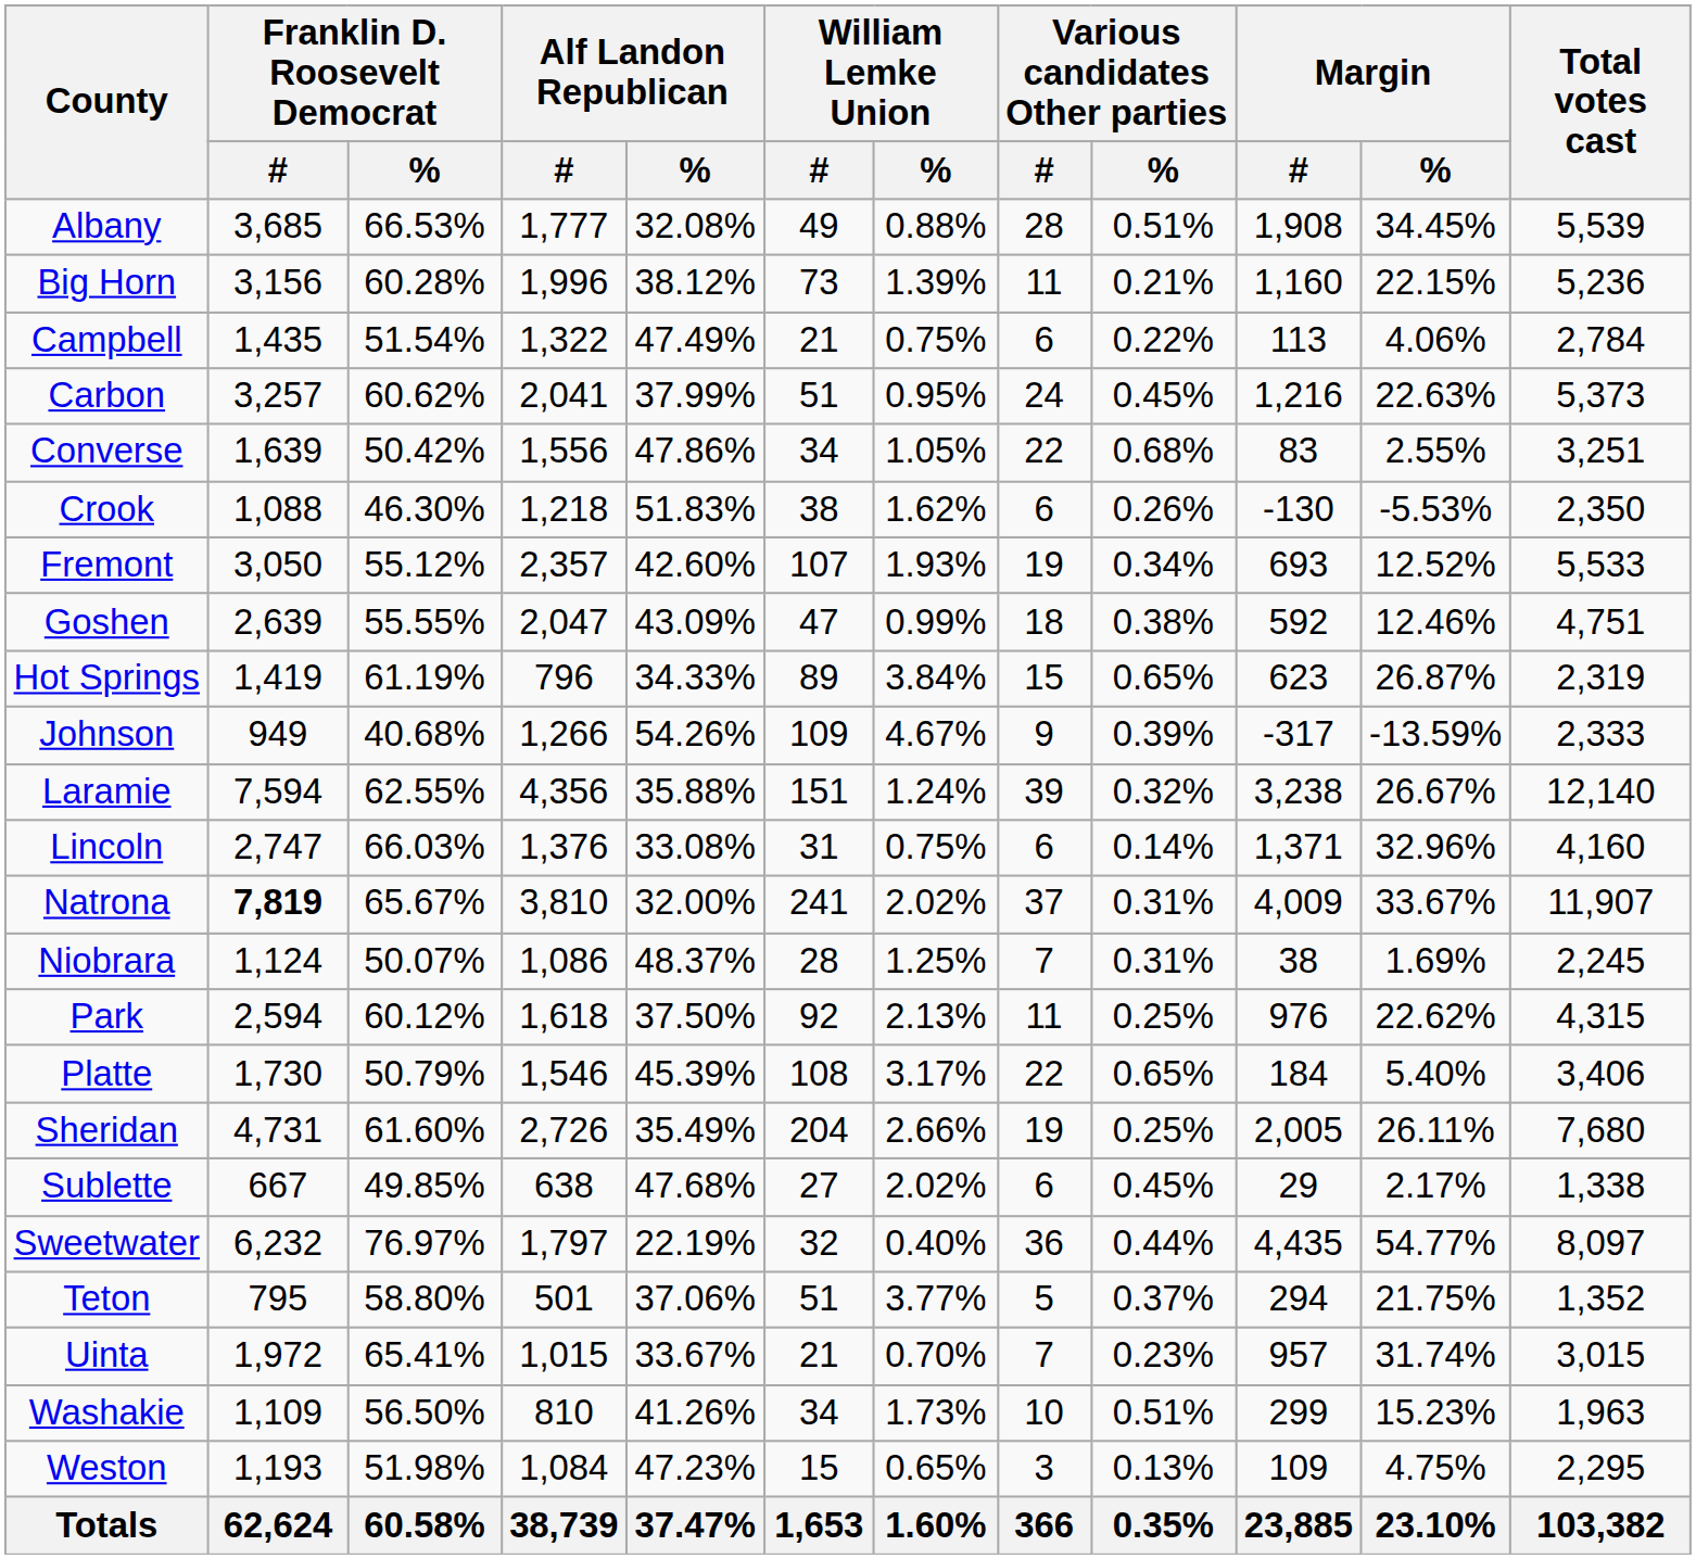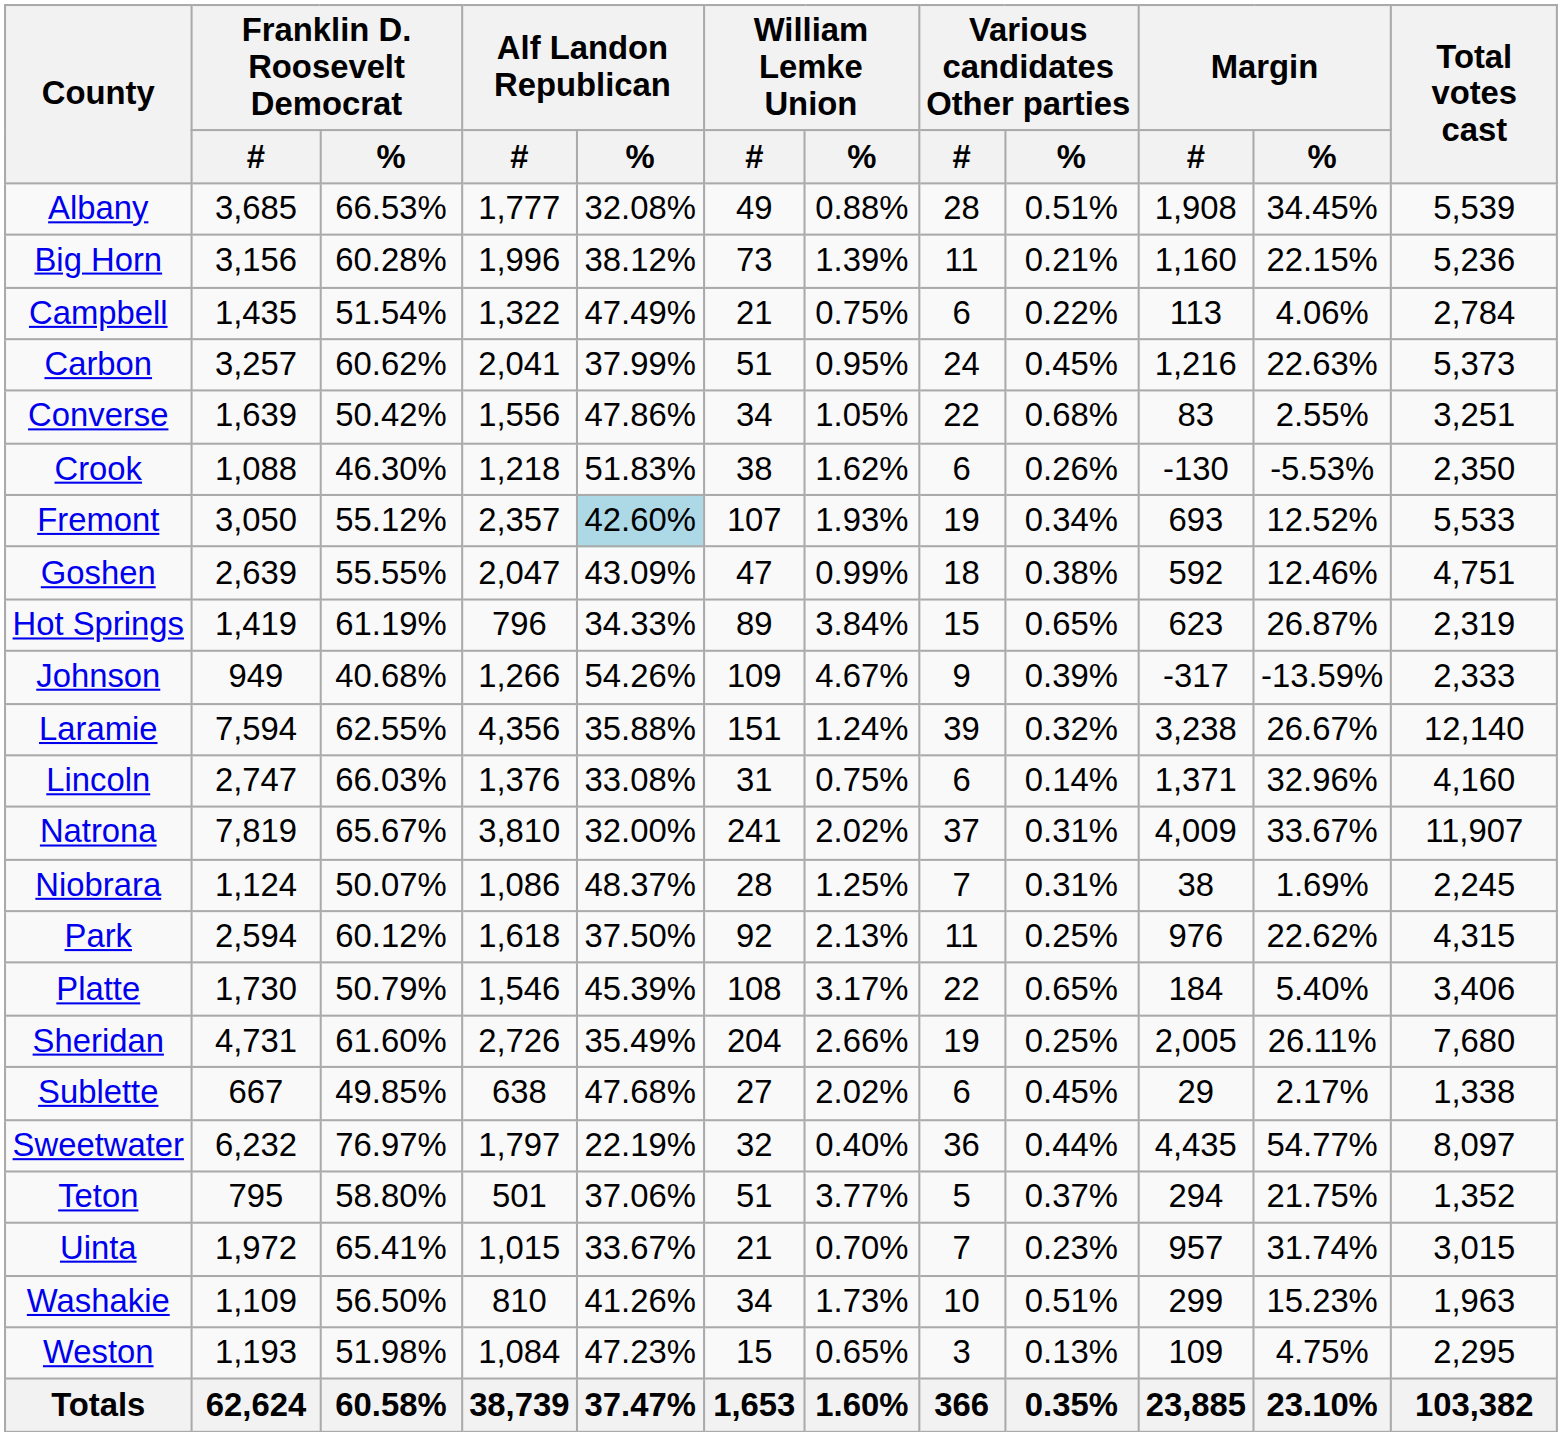 <table width="60%"  class="wikitable sortable" style="text-align:center">
 <tr>
 <th style="text-align:center;" rowspan="2">County</th>
 <th style="text-align:center;" colspan="2">Franklin D. Roosevelt<br>Democrat</th>
 <th style="text-align:center;" colspan="2">Alf Landon<br>Republican</th>
 <th style="text-align:center;" colspan="2">William Lemke<br>Union</th>
 <th style="text-align:center;" colspan="2">Various candidates<br>Other parties</th>
 <th style="text-align:center;" colspan="2">Margin</th>
 <th style="text-align:center;" rowspan="2">Total votes cast</th>
 </tr>
 <tr>
 <th style="text-align:center;" data-sort-type="number">#</th>
 <th style="text-align:center;" data-sort-type="number">%</th>
 <th style="text-align:center;" data-sort-type="number">#</th>
 <th style="text-align:center;" data-sort-type="number">%</th>
 <th style="text-align:center;" data-sort-type="number">#</th>
 <th style="text-align:center;" data-sort-type="number">%</th>
 <th style="text-align:center;" data-sort-type="number">#</th>
 <th style="text-align:center;" data-sort-type="number">%</th>
 <th style="text-align:center;" data-sort-type="number">#</th>
 <th style="text-align:center;" data-sort-type="number">%</th>
 </tr>
 <tr style="text-align:center;">
 <td><a href='#'>Albany</a></td>
 <td>3,685</td>
 <td>66.53%</td>
 <td>1,777</td>
 <td>32.08%</td>
 <td>49</td>
 <td>0.88%</td>
 <td>28</td>
 <td>0.51%</td>
 <td>1,908</td>
 <td>34.45%</td>
 <td>5,539</td>
 </tr>
 <tr style="text-align:center;">
 <td><a href='#'>Big Horn</a></td>
 <td>3,156</td>
 <td>60.28%</td>
 <td>1,996</td>
 <td>38.12%</td>
 <td>73</td>
 <td>1.39%</td>
 <td>11</td>
 <td>0.21%</td>
 <td>1,160</td>
 <td>22.15%</td>
 <td>5,236</td>
 </tr>
 <tr style="text-align:center;">
 <td><a href='#'>Campbell</a></td>
 <td>1,435</td>
 <td>51.54%</td>
 <td>1,322</td>
 <td>47.49%</td>
 <td>21</td>
 <td>0.75%</td>
 <td>6</td>
 <td>0.22%</td>
 <td>113</td>
 <td>4.06%</td>
 <td>2,784</td>
 </tr>
 <tr style="text-align:center;">
 <td><a href='#'>Carbon</a></td>
 <td>3,257</td>
 <td>60.62%</td>
 <td>2,041</td>
 <td>37.99%</td>
 <td>51</td>
 <td>0.95%</td>
 <td>24</td>
 <td>0.45%</td>
 <td>1,216</td>
 <td>22.63%</td>
 <td>5,373</td>
 </tr>
 <tr style="text-align:center;">
 <td><a href='#'>Converse</a></td>
 <td>1,639</td>
 <td>50.42%</td>
 <td>1,556</td>
 <td>47.86%</td>
 <td>34</td>
 <td>1.05%</td>
 <td>22</td>
 <td>0.68%</td>
 <td>83</td>
 <td>2.55%</td>
 <td>3,251</td>
 </tr>
 <tr style="text-align:center;">
 <td><a href='#'>Crook</a></td>
 <td>1,088</td>
 <td>46.30%</td>
 <td>1,218</td>
 <td>51.83%</td>
 <td>38</td>
 <td>1.62%</td>
 <td>6</td>
 <td>0.26%</td>
 <td>-130</td>
 <td>-5.53%</td>
 <td>2,350</td>
 </tr>
 <tr style="text-align:center;">
 <td><a href='#'>Fremont</a></td>
 <td>3,050</td>
 <td>55.12%</td>
 <td>2,357</td>
-<td>42.60%</td>
+<td style="background: lightblue;">42.60%</td>
 <td>107</td>
 <td>1.93%</td>
 <td>19</td>
 <td>0.34%</td>
 <td>693</td>
 <td>12.52%</td>
 <td>5,533</td>
 </tr>
 <tr style="text-align:center;">
 <td><a href='#'>Goshen</a></td>
 <td>2,639</td>
 <td>55.55%</td>
 <td>2,047</td>
 <td>43.09%</td>
 <td>47</td>
 <td>0.99%</td>
 <td>18</td>
 <td>0.38%</td>
 <td>592</td>
 <td>12.46%</td>
 <td>4,751</td>
 </tr>
 <tr style="text-align:center;">
 <td><a href='#'>Hot Springs</a></td>
 <td>1,419</td>
 <td>61.19%</td>
 <td>796</td>
 <td>34.33%</td>
 <td>89</td>
 <td>3.84%</td>
 <td>15</td>
 <td>0.65%</td>
 <td>623</td>
 <td>26.87%</td>
 <td>2,319</td>
 </tr>
 <tr style="text-align:center;">
 <td><a href='#'>Johnson</a></td>
 <td>949</td>
 <td>40.68%</td>
 <td>1,266</td>
 <td>54.26%</td>
 <td>109</td>
 <td>4.67%</td>
 <td>9</td>
 <td>0.39%</td>
 <td>-317</td>
 <td>-13.59%</td>
 <td>2,333</td>
 </tr>
 <tr style="text-align:center;">
 <td><a href='#'>Laramie</a></td>
 <td>7,594</td>
 <td>62.55%</td>
 <td>4,356</td>
 <td>35.88%</td>
 <td>151</td>
 <td>1.24%</td>
 <td>39</td>
 <td>0.32%</td>
 <td>3,238</td>
 <td>26.67%</td>
 <td>12,140</td>
 </tr>
 <tr style="text-align:center;">
 <td><a href='#'>Lincoln</a></td>
 <td>2,747</td>
 <td>66.03%</td>
 <td>1,376</td>
 <td>33.08%</td>
 <td>31</td>
 <td>0.75%</td>
 <td>6</td>
 <td>0.14%</td>
 <td>1,371</td>
 <td>32.96%</td>
 <td>4,160</td>
 </tr>
 <tr style="text-align:center;">
 <td><a href='#'>Natrona</a></td>
-<td><strong>7,819</strong></td>
+<td>7,819</td>
 <td>65.67%</td>
 <td>3,810</td>
 <td>32.00%</td>
 <td>241</td>
 <td>2.02%</td>
 <td>37</td>
 <td>0.31%</td>
 <td>4,009</td>
 <td>33.67%</td>
 <td>11,907</td>
 </tr>
 <tr style="text-align:center;">
 <td><a href='#'>Niobrara</a></td>
 <td>1,124</td>
 <td>50.07%</td>
 <td>1,086</td>
 <td>48.37%</td>
 <td>28</td>
 <td>1.25%</td>
 <td>7</td>
 <td>0.31%</td>
 <td>38</td>
 <td>1.69%</td>
 <td>2,245</td>
 </tr>
 <tr style="text-align:center;">
 <td><a href='#'>Park</a></td>
 <td>2,594</td>
 <td>60.12%</td>
 <td>1,618</td>
 <td>37.50%</td>
 <td>92</td>
 <td>2.13%</td>
 <td>11</td>
 <td>0.25%</td>
 <td>976</td>
 <td>22.62%</td>
 <td>4,315</td>
 </tr>
 <tr style="text-align:center;">
 <td><a href='#'>Platte</a></td>
 <td>1,730</td>
 <td>50.79%</td>
 <td>1,546</td>
 <td>45.39%</td>
 <td>108</td>
 <td>3.17%</td>
 <td>22</td>
 <td>0.65%</td>
 <td>184</td>
 <td>5.40%</td>
 <td>3,406</td>
 </tr>
 <tr style="text-align:center;">
 <td><a href='#'>Sheridan</a></td>
 <td>4,731</td>
 <td>61.60%</td>
 <td>2,726</td>
 <td>35.49%</td>
 <td>204</td>
 <td>2.66%</td>
 <td>19</td>
 <td>0.25%</td>
 <td>2,005</td>
 <td>26.11%</td>
 <td>7,680</td>
 </tr>
 <tr style="text-align:center;">
 <td><a href='#'>Sublette</a></td>
 <td>667</td>
 <td>49.85%</td>
 <td>638</td>
 <td>47.68%</td>
 <td>27</td>
 <td>2.02%</td>
 <td>6</td>
 <td>0.45%</td>
 <td>29</td>
 <td>2.17%</td>
 <td>1,338</td>
 </tr>
 <tr style="text-align:center;">
 <td><a href='#'>Sweetwater</a></td>
 <td>6,232</td>
 <td>76.97%</td>
 <td>1,797</td>
 <td>22.19%</td>
 <td>32</td>
 <td>0.40%</td>
 <td>36</td>
 <td>0.44%</td>
 <td>4,435</td>
 <td>54.77%</td>
 <td>8,097</td>
 </tr>
 <tr style="text-align:center;">
 <td><a href='#'>Teton</a></td>
 <td>795</td>
 <td>58.80%</td>
 <td>501</td>
 <td>37.06%</td>
 <td>51</td>
 <td>3.77%</td>
 <td>5</td>
 <td>0.37%</td>
 <td>294</td>
 <td>21.75%</td>
 <td>1,352</td>
 </tr>
 <tr style="text-align:center;">
 <td><a href='#'>Uinta</a></td>
 <td>1,972</td>
 <td>65.41%</td>
 <td>1,015</td>
 <td>33.67%</td>
 <td>21</td>
 <td>0.70%</td>
 <td>7</td>
 <td>0.23%</td>
 <td>957</td>
 <td>31.74%</td>
 <td>3,015</td>
 </tr>
 <tr style="text-align:center;">
 <td><a href='#'>Washakie</a></td>
 <td>1,109</td>
 <td>56.50%</td>
 <td>810</td>
 <td>41.26%</td>
 <td>34</td>
 <td>1.73%</td>
 <td>10</td>
 <td>0.51%</td>
 <td>299</td>
 <td>15.23%</td>
 <td>1,963</td>
 </tr>
 <tr style="text-align:center;">
 <td><a href='#'>Weston</a></td>
 <td>1,193</td>
 <td>51.98%</td>
 <td>1,084</td>
 <td>47.23%</td>
 <td>15</td>
 <td>0.65%</td>
 <td>3</td>
 <td>0.13%</td>
 <td>109</td>
 <td>4.75%</td>
 <td>2,295</td>
 </tr>
 <tr style="text-align:center;">
 <th>Totals</th>
 <th>62,624</th>
 <th>60.58%</th>
 <th>38,739</th>
 <th>37.47%</th>
 <th>1,653</th>
 <th>1.60%</th>
 <th>366</th>
 <th>0.35%</th>
 <th>23,885</th>
 <th>23.10%</th>
 <th>103,382</th>
 </tr>
 </table>
